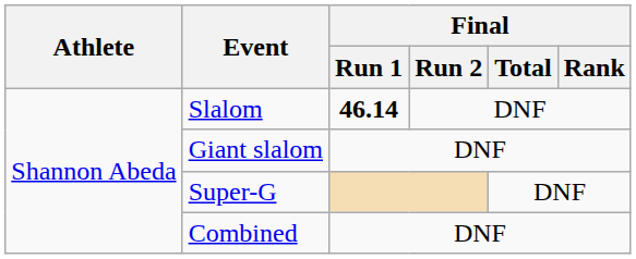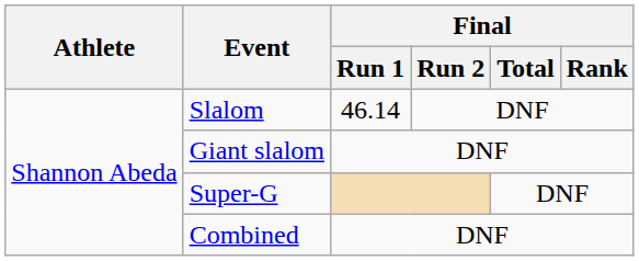 <table class="wikitable">
 <tr>
 <th rowspan="2">Athlete</th>
 <th rowspan="2">Event</th>
 <th colspan="4">Final</th>
 </tr>
 <tr>
 <th>Run 1</th>
 <th>Run 2</th>
 <th>Total</th>
 <th>Rank</th>
 </tr>
 <tr>
 <td rowspan=4><a href='#'>Shannon Abeda</a></td>
 <td><a href='#'>Slalom</a></td>
-<td align="center"><strong>46.14</strong></td>
+<td align="center">46.14</td>
 <td align="center" colspan=3>DNF</td>
 </tr>
 <tr>
 <td><a href='#'>Giant slalom</a></td>
 <td align="center" colspan=4>DNF</td>
 </tr>
 <tr>
 <td><a href='#'>Super-G</a></td>
 <td colspan=2 bgcolor="wheat"></td>
 <td align="center" colspan=2>DNF</td>
 </tr>
 <tr>
 <td><a href='#'>Combined</a></td>
 <td align="center" colspan=4>DNF</td>
 </tr>
 </table>
